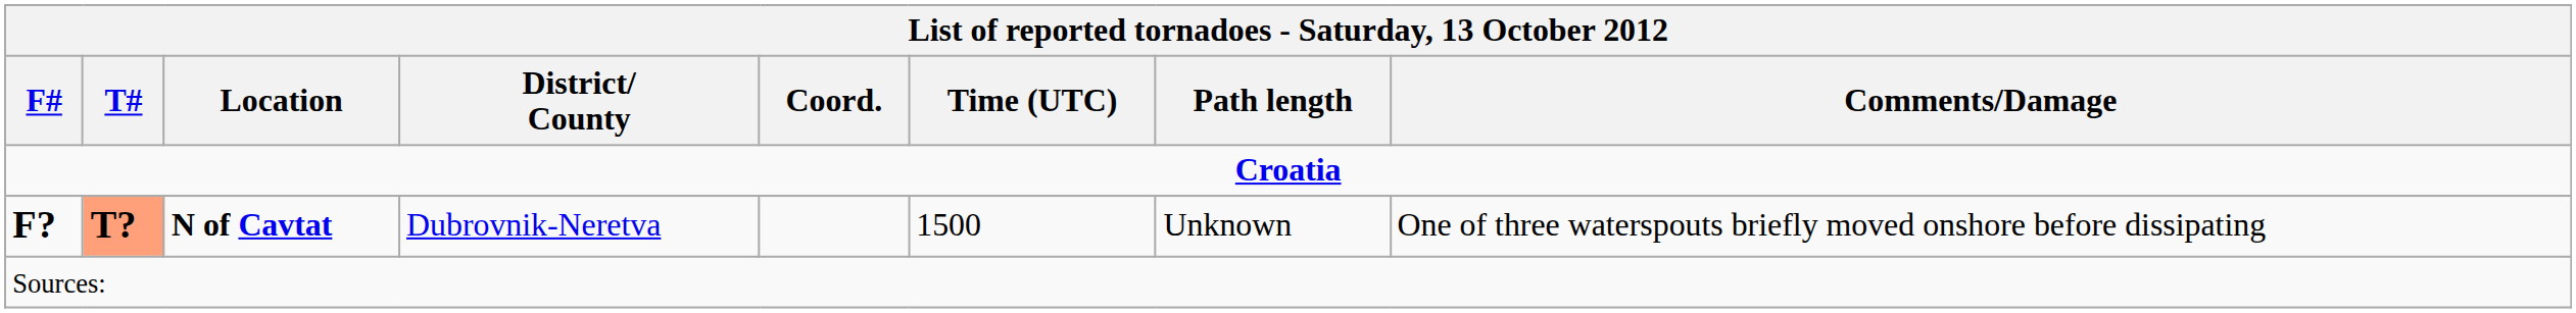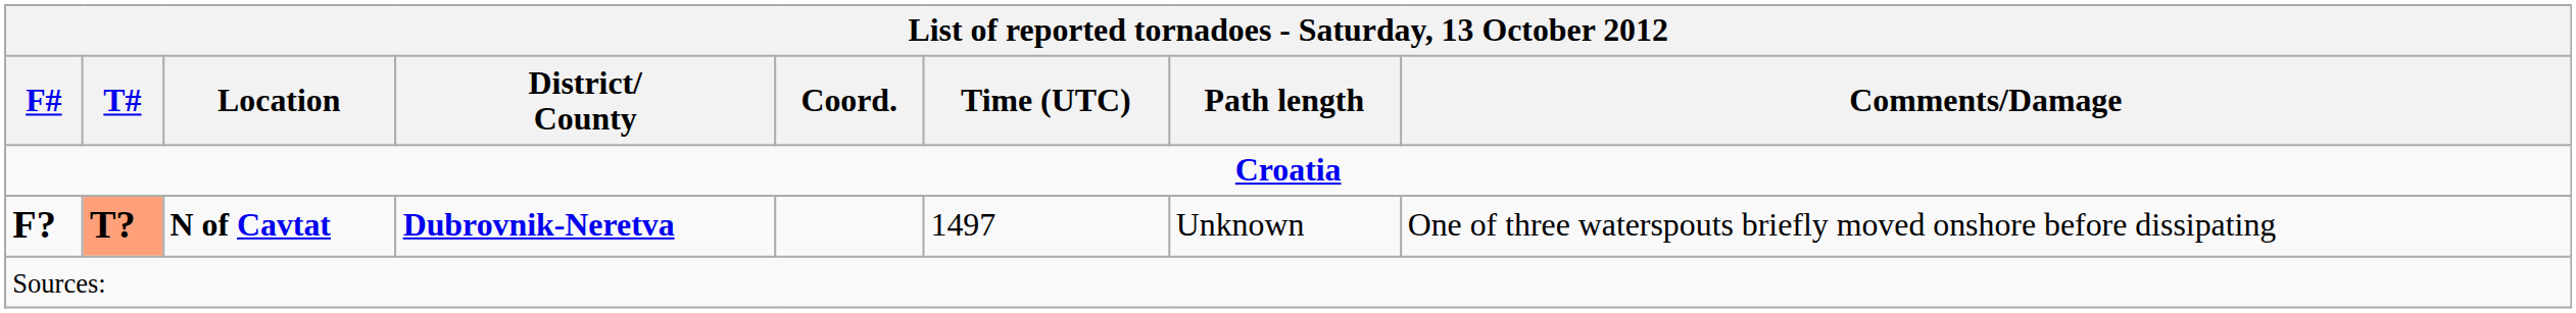 <table class="wikitable collapsible" width="100%">
 <tr>
 <th colspan="8">List of reported tornadoes - Saturday, 13 October 2012</th>
 </tr>
 <tr>
 <th><a href='#'>F#</a></th>
 <th><a href='#'>T#</a></th>
 <th>Location</th>
 <th>District/<br>County</th>
 <th>Coord.</th>
 <th>Time (UTC)</th>
 <th>Path length</th>
 <th>Comments/Damage</th>
 </tr>
 <tr>
 <td colspan="8" align=center><strong><a href='#'>Croatia</a></strong></td>
 </tr>
 <tr>
 <td><big><strong>F?</strong></big></td>
 <td style="background: lightsalmon;"><big><strong>T?</strong></big></td>
 <td><strong>N of <a href='#'>Cavtat</a></strong></td>
-<td><a href='#'>Dubrovnik-Neretva</a></td>
+<td><strong><a href='#'>Dubrovnik-Neretva</a></strong></td>
 <td></td>
-<td>1500</td>
+<td>1497</td>
 <td>Unknown</td>
 <td>One of three waterspouts briefly moved onshore before dissipating</td>
 </tr>
 <tr>
 <td colspan="8"><small>Sources:  </small></td>
 </tr>
 </table>
